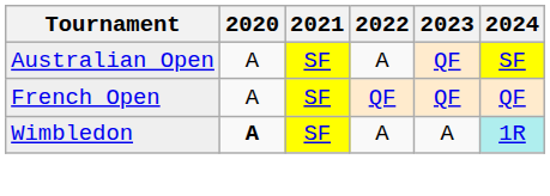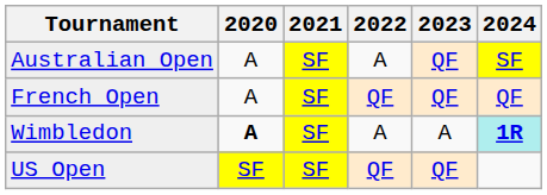 <table class="wikitable">
 <tr style="background:#efefef;">
 <th>Tournament</th>
 <th>2020</th>
 <th>2021</th>
 <th>2022</th>
 <th>2023</th>
 <th>2024</th>
 </tr>
 <tr>
 <td style="background:#efefef;"><a href='#'>Australian Open</a></td>
 <td style="text-align:center">A</td>
 <td style="text-align:center; background:yellow;"><a href='#'>SF</a></td>
 <td style="text-align:center">A</td>
 <td style="text-align:center; background:#ffebcd;"><a href='#'>QF</a></td>
 <td style="text-align:center; background:yellow;"><a href='#'>SF</a></td>
 </tr>
 <tr>
 <td style="background:#efefef;"><a href='#'>French Open</a></td>
 <td style="text-align:center">A</td>
 <td style="text-align:center; background:yellow;"><a href='#'>SF</a></td>
 <td style="text-align:center; background:#ffebcd;"><a href='#'>QF</a></td>
 <td style="text-align:center; background:#ffebcd;"><a href='#'>QF</a></td>
 <td style="text-align:center; background:#ffebcd;"><a href='#'>QF</a></td>
 </tr>
 <tr>
 <td style="background:#efefef;"><a href='#'>Wimbledon</a></td>
 <td style="text-align:center"><strong>A</strong></td>
 <td style="text-align:center; background:yellow;"><a href='#'>SF</a></td>
 <td style="text-align:center">A</td>
 <td style="text-align:center">A</td>
-<td style="text-align:center; background:#afeeee;"><a href='#'>1R</a></td>
+<td style="text-align:center; background:#afeeee;"><strong><a href='#'>1R</a></strong></td>
+</tr>
+<tr>
+<td style="background:#efefef;"><a href='#'>US Open</a></td>
+<td style="text-align:center; background:yellow;"><a href='#'>SF</a></td>
+<td style="text-align:center; background:yellow;"><a href='#'>SF</a></td>
+<td style="text-align:center; background:#ffebcd;"><a href='#'>QF</a></td>
+<td style="text-align:center; background:#ffebcd;"><a href='#'>QF</a></td>
+<td></td>
 </tr>
 </table>
